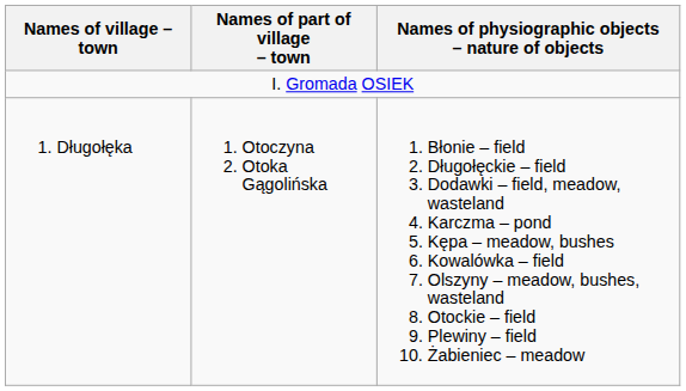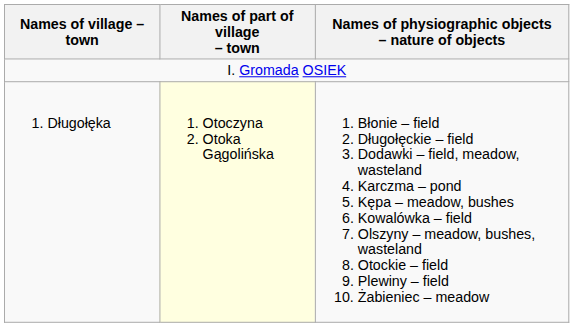 <table class="wikitable" style="text-align:center; font-size:90%" |>
 <tr>
 <th width="150px">Names of village – town</th>
 <th width="150px">Names of part of village<br> – town</th>
 <th width="250px">Names of physiographic objects<br> – nature of objects</th>
 </tr>
 <tr>
 <td colspan = "3">I. <a href='#'>Gromada</a> <a href='#'>OSIEK</a></td>
 </tr>
 <tr>
 <td valign = "top" style="text-align:left"><br><ol><li>Długołęka</li></ol></td>
-<td valign = "top" style="text-align:left"><br><ol><li>Otoczyna</li><li>Otoka Gągolińska</li></ol></td>
+<td valign = "top" style="background: lightyellow; text-align:left"><br><ol><li>Otoczyna</li><li>Otoka Gągolińska</li></ol></td>
 <td valign = "top" style="text-align:left"><br><ol><li>Błonie – field</li><li>Długołęckie – field</li><li>Dodawki – field, meadow, wasteland</li><li>Karczma – pond</li><li>Kępa – meadow, bushes</li><li>Kowalówka – field</li><li>Olszyny – meadow, bushes, wasteland</li><li>Otockie – field</li><li>Plewiny – field</li><li>Żabieniec – meadow</li></ol></td>
 </tr>
 </table>
